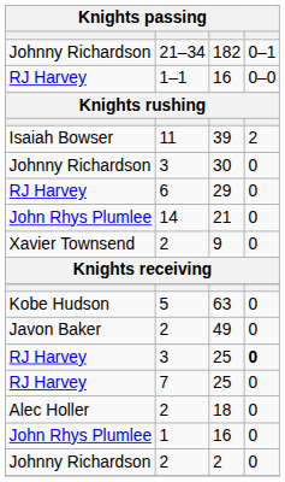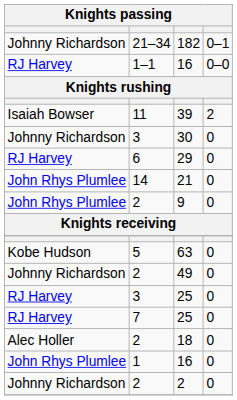 <table class="wikitable plainrowheaders">
 <tr>
 <th colspan="6">Knights passing</th>
 </tr>
 <tr>
 <th scope="col"></th>
 <th scope="col"></th>
 <th scope="col"></th>
 <th scope="col"></th>
 </tr>
 <tr>
 <td>Johnny Richardson</td>
 <td>21–34</td>
 <td>182</td>
 <td>0–1</td>
 </tr>
 <tr>
 <td><a href='#'>RJ Harvey</a></td>
 <td>1–1</td>
 <td>16</td>
 <td>0–0</td>
 </tr>
 <tr>
 <th colspan="6">Knights rushing</th>
 </tr>
 <tr>
 <th scope="col"></th>
 <th scope="col"></th>
 <th scope="col"></th>
 <th scope="col"></th>
 </tr>
 <tr>
 <td>Isaiah Bowser</td>
 <td>11</td>
 <td>39</td>
 <td>2</td>
 </tr>
 <tr>
 <td>Johnny Richardson</td>
 <td>3</td>
 <td>30</td>
 <td>0</td>
 </tr>
 <tr>
 <td><a href='#'>RJ Harvey</a></td>
 <td>6</td>
 <td>29</td>
 <td>0</td>
 </tr>
 <tr>
 <td><a href='#'>John Rhys Plumlee</a></td>
 <td>14</td>
 <td>21</td>
 <td>0</td>
 </tr>
 <tr>
-<td>Xavier Townsend</td>
+<td><a href='#'>John Rhys Plumlee</a></td>
 <td>2</td>
 <td>9</td>
 <td>0</td>
 </tr>
 <tr>
 <th colspan="6">Knights receiving</th>
 </tr>
 <tr>
 </tr>
 <tr>
 <th scope="col"></th>
 <th scope="col"></th>
 <th scope="col"></th>
 <th scope="col"></th>
 </tr>
 <tr>
 <td>Kobe Hudson</td>
 <td>5</td>
 <td>63</td>
 <td>0</td>
 </tr>
 <tr>
-<td>Javon Baker</td>
+<td>Johnny Richardson</td>
 <td>2</td>
 <td>49</td>
 <td>0</td>
 </tr>
 <tr>
 <td><a href='#'>RJ Harvey</a></td>
 <td>3</td>
 <td>25</td>
-<td><strong>0</strong></td>
+<td>0</td>
 </tr>
 <tr>
 <td><a href='#'>RJ Harvey</a></td>
 <td>7</td>
 <td>25</td>
 <td>0</td>
 </tr>
 <tr>
 <td>Alec Holler</td>
 <td>2</td>
 <td>18</td>
 <td>0</td>
 </tr>
 <tr>
 <td><a href='#'>John Rhys Plumlee</a></td>
 <td>1</td>
 <td>16</td>
 <td>0</td>
 </tr>
 <tr>
 <td>Johnny Richardson</td>
 <td>2</td>
 <td>2</td>
 <td>0</td>
 </tr>
 <tr>
 </tr>
 </table>
